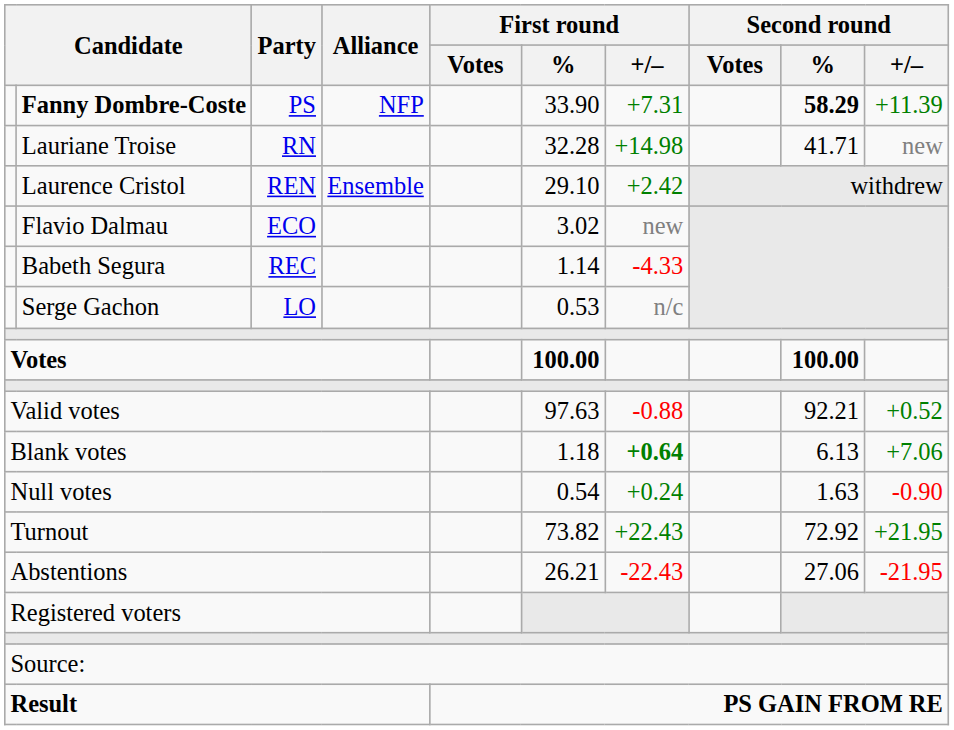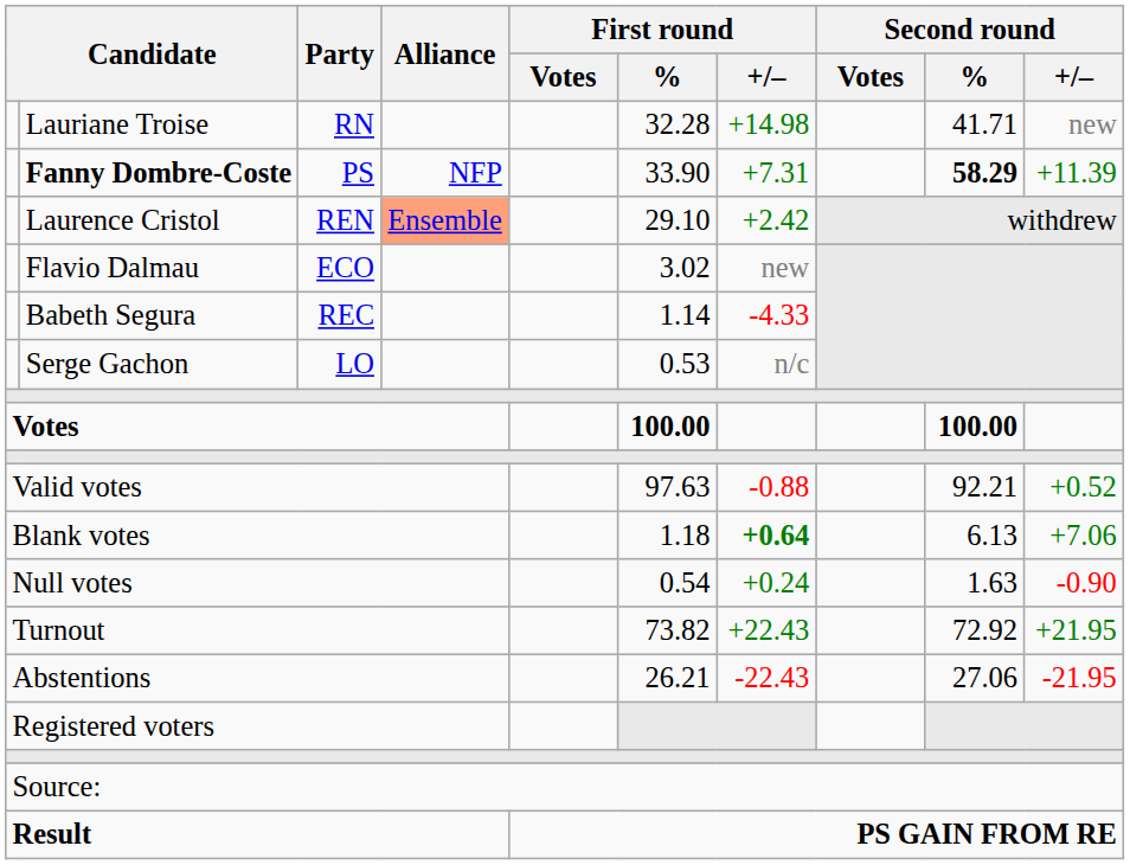 <table class="wikitable" style="text-align:right;font-size:95%;">
 <tr>
 <th rowspan="2" colspan="2">Candidate</th>
 <th colspan="1" rowspan="2">Party</th>
 <th colspan="1" rowspan="2">Alliance</th>
 <th colspan="3">First round</th>
 <th colspan="3">Second round</th>
 </tr>
 <tr>
 <th style="width:50px;">Votes</th>
 <th style="width:45px;">%</th>
 <th style="width:45px;">+/–</th>
 <th style="width:50px;">Votes</th>
 <th style="width:45px;">%</th>
 <th style="width:45px;">+/–</th>
 </tr>
 <tr>
 <td style="color:inherit;background:"></td>
+<td style="text-align:left;">Lauriane Troise</td>
+<td><a href='#'>RN</a></td>
+<td></td>
+<td></td>
+<td>32.28</td>
+<td style="color:green;">+14.98</td>
+<td></td>
+<td>41.71</td>
+<td style="color:grey;">new</td>
+</tr>
+<tr>
+<td style="color:inherit;background:"></td>
 <td style="text-align:left;"><strong>Fanny Dombre-Coste</strong></td>
 <td><a href='#'>PS</a></td>
 <td><a href='#'>NFP</a></td>
 <td></td>
 <td>33.90</td>
 <td style="color:green;">+7.31</td>
 <td><strong></strong></td>
 <td><strong>58.29</strong></td>
 <td style="color:green;">+11.39</td>
 </tr>
 <tr>
 <td style="color:inherit;background:"></td>
-<td style="text-align:left;">Lauriane Troise</td>
-<td><a href='#'>RN</a></td>
-<td></td>
-<td></td>
-<td>32.28</td>
-<td style="color:green;">+14.98</td>
-<td></td>
-<td>41.71</td>
-<td style="color:grey;">new</td>
-</tr>
-<tr>
-<td style="color:inherit;background:"></td>
 <td style="text-align:left;">Laurence Cristol</td>
 <td><a href='#'>REN</a></td>
-<td><a href='#'>Ensemble</a></td>
+<td style="background: lightsalmon;"><a href='#'>Ensemble</a></td>
 <td></td>
 <td>29.10</td>
 <td style="color:green;">+2.42</td>
 <td colspan="3" style="background:#E9E9E9;">withdrew</td>
 </tr>
 <tr>
 <td style="color:inherit;background:"></td>
 <td style="text-align:left;">Flavio Dalmau</td>
 <td><a href='#'>ECO</a></td>
 <td></td>
 <td></td>
 <td>3.02</td>
 <td style="color:grey;">new</td>
 <td colspan="3" rowspan="3" style="background:#E9E9E9;"></td>
 </tr>
 <tr>
 <td style="color:inherit;background:"></td>
 <td style="text-align:left;">Babeth Segura</td>
 <td><a href='#'>REC</a></td>
 <td></td>
 <td></td>
 <td>1.14</td>
 <td style="color:red;">-4.33</td>
 </tr>
 <tr>
 <td style="color:inherit;background:"></td>
 <td style="text-align:left;">Serge Gachon</td>
 <td><a href='#'>LO</a></td>
 <td></td>
 <td></td>
 <td>0.53</td>
 <td style="color:grey;">n/c</td>
 </tr>
 <tr>
 <td colspan="10" style="background:#E9E9E9;"></td>
 </tr>
 <tr style="font-weight:bold;">
 <td colspan="4" style="text-align:left;">Votes</td>
 <td></td>
 <td>100.00</td>
 <td></td>
 <td></td>
 <td>100.00</td>
 <td></td>
 </tr>
 <tr>
 <td colspan="10" style="background:#E9E9E9;"></td>
 </tr>
 <tr>
 <td colspan="4" style="text-align:left;">Valid votes</td>
 <td></td>
 <td>97.63</td>
 <td style="color:red;">-0.88</td>
 <td></td>
 <td>92.21</td>
 <td style="color:green;">+0.52</td>
 </tr>
 <tr>
 <td colspan="4" style="text-align:left;">Blank votes</td>
 <td></td>
 <td>1.18</td>
 <td style="color:green;"><strong>+0.64</strong></td>
 <td></td>
 <td>6.13</td>
 <td style="color:green;">+7.06</td>
 </tr>
 <tr>
 <td colspan="4" style="text-align:left;">Null votes</td>
 <td></td>
 <td>0.54</td>
 <td style="color:green;">+0.24</td>
 <td></td>
 <td>1.63</td>
 <td style="color:red;">-0.90</td>
 </tr>
 <tr>
 <td colspan="4" style="text-align:left;">Turnout</td>
 <td></td>
 <td>73.82</td>
 <td style="color:green;">+22.43</td>
 <td></td>
 <td>72.92</td>
 <td style="color:green;">+21.95</td>
 </tr>
 <tr>
 <td colspan="4" style="text-align:left;">Abstentions</td>
 <td></td>
 <td>26.21</td>
 <td style="color:red;">-22.43</td>
 <td></td>
 <td>27.06</td>
 <td style="color:red;">-21.95</td>
 </tr>
 <tr>
 <td colspan="4" style="text-align:left;">Registered voters</td>
 <td></td>
 <td colspan="2" style="background:#E9E9E9;"></td>
 <td></td>
 <td colspan="2" style="background:#E9E9E9;"></td>
 </tr>
 <tr>
 <td colspan="10" style="background:#E9E9E9;"></td>
 </tr>
 <tr>
 <td colspan="10" style="text-align:left;">Source: </td>
 </tr>
 <tr style="font-weight:bold">
 <td colspan="4" style="text-align:left;">Result</td>
 <td colspan="6" style="background-color:">PS GAIN FROM RE</td>
 </tr>
 </table>
